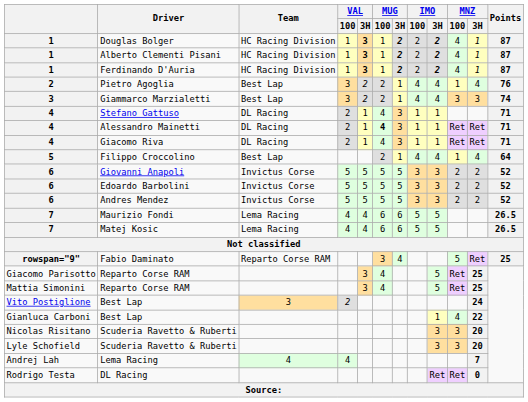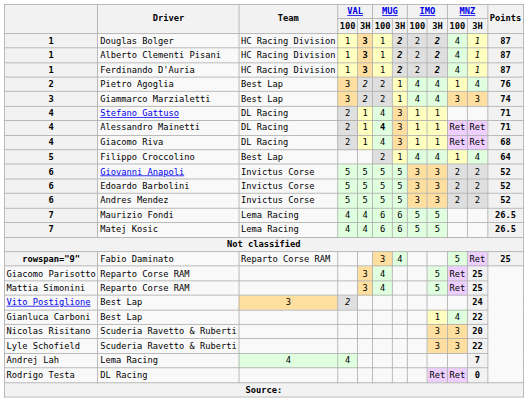 <table class="wikitable" style="font-size:85%; vertical-align:top; text-align:center">
 <tr>
 <th rowspan="2"></th>
 <th rowspan="2">Driver</th>
 <th rowspan="2">Team</th>
 <th colspan="2"><a href='#'>VAL</a><br></th>
 <th colspan="2"><a href='#'>MUG</a><br></th>
 <th colspan="2"><a href='#'>IMO</a><br></th>
 <th colspan="2"><a href='#'>MNZ</a><br></th>
 <th rowspan="2">Points</th>
 </tr>
 <tr>
 <th>100</th>
 <th>3H</th>
 <th>100</th>
 <th>3H</th>
 <th>100</th>
 <th>3H</th>
 <th>100</th>
 <th>3H</th>
 </tr>
 <tr>
 <th>1</th>
 <td style="text-align:left"> Douglas Bolger</td>
 <td style="text-align:left"> HC Racing Division</td>
 <td style="background:#FFFFBF">1</td>
 <td style="background:#FFDF9F"><strong>3</strong></td>
 <td style="background:#FFFFBF">1</td>
 <td style="background:#DFDFDF"><strong><em>2</em></strong></td>
 <td style="background:#DFDFDF">2</td>
 <td style="background:#DFDFDF"><strong><em>2</em></strong></td>
 <td style="background:#DFFFDF">4</td>
 <td style="background:#FFFFBF"><em>1</em></td>
 <th>87</th>
 </tr>
 <tr>
 <th>1</th>
 <td style="text-align:left"> Alberto Clementi Pisani</td>
 <td style="text-align:left"> HC Racing Division</td>
 <td style="background:#FFFFBF">1</td>
 <td style="background:#FFDF9F"><strong>3</strong></td>
 <td style="background:#FFFFBF">1</td>
 <td style="background:#DFDFDF"><strong><em>2</em></strong></td>
 <td style="background:#DFDFDF">2</td>
 <td style="background:#DFDFDF"><strong><em>2</em></strong></td>
 <td style="background:#DFFFDF">4</td>
 <td style="background:#FFFFBF"><em>1</em></td>
 <th>87</th>
 </tr>
 <tr>
 <th>1</th>
 <td style="text-align:left"> Ferdinando D'Auria</td>
 <td style="text-align:left"> HC Racing Division</td>
 <td style="background:#FFFFBF">1</td>
 <td style="background:#FFDF9F"><strong>3</strong></td>
 <td style="background:#FFFFBF">1</td>
 <td style="background:#DFDFDF"><strong><em>2</em></strong></td>
 <td style="background:#DFDFDF">2</td>
 <td style="background:#DFDFDF"><strong><em>2</em></strong></td>
 <td style="background:#DFFFDF">4</td>
 <td style="background:#FFFFBF"><em>1</em></td>
 <th>87</th>
 </tr>
 <tr>
 <th>2</th>
 <td style="text-align:left"> Pietro Agoglia</td>
 <td style="text-align:left"> Best Lap</td>
 <td style="background:#FFDF9F">3</td>
 <td style="background:#DFDFDF"><em>2</em></td>
 <td style="background:#DFDFDF">2</td>
 <td style="background:#FFFFBF">1</td>
 <td style="background:#DFFFDF">4</td>
 <td style="background:#DFFFDF">4</td>
 <td style="background:#FFFFBF">1</td>
 <td style="background:#DFFFDF">4</td>
 <th>76</th>
 </tr>
 <tr>
 <th>3</th>
 <td style="text-align:left"> Giammarco Marzialetti</td>
 <td style="text-align:left"> Best Lap</td>
 <td style="background:#FFDF9F">3</td>
 <td style="background:#DFDFDF"><em>2</em></td>
 <td style="background:#DFDFDF">2</td>
 <td style="background:#FFFFBF">1</td>
 <td style="background:#DFFFDF">4</td>
 <td style="background:#DFFFDF">4</td>
 <td style="background:#FFDF9F">3</td>
 <td style="background:#FFDF9F">3</td>
 <th>74</th>
 </tr>
 <tr>
 <th>4</th>
 <td style="text-align:left"> <a href='#'>Stefano Gattuso</a></td>
 <td style="text-align:left"> DL Racing</td>
 <td style="background:#DFDFDF">2</td>
 <td style="background:#FFFFBF">1</td>
 <td style="background:#DFFFDF">4</td>
 <td style="background:#FFDF9F">3</td>
 <td style="background:#FFFFBF">1</td>
 <td style="background:#FFFFBF">1</td>
 <td style="background:#"></td>
 <td style="background:#"></td>
 <th>71</th>
 </tr>
 <tr>
 <th>4</th>
 <td style="text-align:left"> Alessandro Mainetti</td>
 <td style="text-align:left"> DL Racing</td>
 <td style="background:#DFDFDF">2</td>
 <td style="background:#FFFFBF">1</td>
 <td style="background:#DFFFDF"><strong>4</strong></td>
 <td style="background:#FFDF9F">3</td>
 <td style="background:#FFFFBF">1</td>
 <td style="background:#FFFFBF">1</td>
 <td style="background:#EFCFFF">Ret</td>
 <td style="background:#EFCFFF">Ret</td>
 <th>71</th>
 </tr>
 <tr>
 <th>4</th>
 <td style="text-align:left"> Giacomo Riva</td>
 <td style="text-align:left"> DL Racing</td>
 <td style="background:#DFDFDF">2</td>
 <td style="background:#FFFFBF">1</td>
 <td style="background:#DFFFDF">4</td>
 <td style="background:#FFDF9F">3</td>
 <td style="background:#FFFFBF">1</td>
 <td style="background:#FFFFBF">1</td>
 <td style="background:#EFCFFF">Ret</td>
 <td style="background:#EFCFFF">Ret</td>
-<th>71</th>
+<th>68</th>
 </tr>
 <tr>
 <th>5</th>
 <td style="text-align:left"> Filippo Croccolino</td>
 <td style="text-align:left"> Best Lap</td>
 <td style="background:#"></td>
 <td style="background:#"></td>
 <td style="background:#DFDFDF">2</td>
 <td style="background:#FFFFBF">1</td>
 <td style="background:#DFFFDF">4</td>
 <td style="background:#DFFFDF">4</td>
 <td style="background:#FFFFBF">1</td>
 <td style="background:#DFFFDF">4</td>
 <th>64</th>
 </tr>
 <tr>
 <th>6</th>
 <td style="text-align:left"> <a href='#'>Giovanni Anapoli</a></td>
 <td style="text-align:left"> Invictus Corse</td>
 <td style="background:#DFFFDF">5</td>
 <td style="background:#DFFFDF">5</td>
 <td style="background:#DFFFDF">5</td>
 <td style="background:#DFFFDF">5</td>
 <td style="background:#FFDF9F">3</td>
 <td style="background:#FFDF9F">3</td>
 <td style="background:#DFDFDF">2</td>
 <td style="background:#DFDFDF">2</td>
 <th>52</th>
 </tr>
 <tr>
 <th>6</th>
 <td style="text-align:left"> Edoardo Barbolini</td>
 <td style="text-align:left"> Invictus Corse</td>
 <td style="background:#DFFFDF">5</td>
 <td style="background:#DFFFDF">5</td>
 <td style="background:#DFFFDF">5</td>
 <td style="background:#DFFFDF">5</td>
 <td style="background:#FFDF9F">3</td>
 <td style="background:#FFDF9F">3</td>
 <td style="background:#DFDFDF">2</td>
 <td style="background:#DFDFDF">2</td>
 <th>52</th>
 </tr>
 <tr>
 <th>6</th>
 <td style="text-align:left"> Andres Mendez</td>
 <td style="text-align:left"> Invictus Corse</td>
 <td style="background:#DFFFDF">5</td>
 <td style="background:#DFFFDF">5</td>
 <td style="background:#DFFFDF">5</td>
 <td style="background:#DFFFDF">5</td>
 <td style="background:#FFDF9F">3</td>
 <td style="background:#FFDF9F">3</td>
 <td style="background:#DFDFDF">2</td>
 <td style="background:#DFDFDF">2</td>
 <th>52</th>
 </tr>
 <tr>
 <th>7</th>
 <td style="text-align:left"> Maurizio Fondi</td>
 <td style="text-align:left"> Lema Racing</td>
 <td style="background:#DFFFDF">4</td>
 <td style="background:#DFFFDF">4</td>
 <td style="background:#DFFFDF">6</td>
 <td style="background:#DFFFDF">6</td>
 <td style="background:#DFFFDF">5</td>
 <td style="background:#DFFFDF">5</td>
 <td style="background:#"></td>
 <td style="background:#"></td>
 <th>26.5</th>
 </tr>
 <tr>
 <th>7</th>
 <td style="text-align:left"> Matej Kosic</td>
 <td style="text-align:left"> Lema Racing</td>
 <td style="background:#DFFFDF">4</td>
 <td style="background:#DFFFDF">4</td>
 <td style="background:#DFFFDF">6</td>
 <td style="background:#DFFFDF">6</td>
 <td style="background:#DFFFDF">5</td>
 <td style="background:#DFFFDF">5</td>
 <td style="background:#"></td>
 <td style="background:#"></td>
 <th>26.5</th>
 </tr>
 <tr>
 <th colspan="12">Not classified</th>
 </tr>
 <tr>
 <th>rowspan="9" </th>
 <td style="text-align:left"> Fabio Daminato</td>
 <td style="text-align:left"> Reparto Corse RAM</td>
 <td style="background:#"></td>
 <td style="background:#"></td>
 <td style="background:#FFDF9F">3</td>
 <td style="background:#DFFFDF">4</td>
 <td style="background:#"></td>
 <td style="background:#"></td>
 <td style="background:#DFFFDF">5</td>
 <td style="background:#EFCFFF">Ret</td>
 <th>25</th>
 </tr>
 <tr>
 <td style="text-align:left"> Giacomo Parisotto</td>
 <td style="text-align:left"> Reparto Corse RAM</td>
 <td style="background:#"></td>
 <td style="background:#"></td>
 <td style="background:#FFDF9F">3</td>
 <td style="background:#DFFFDF">4</td>
 <td style="background:#"></td>
 <td style="background:#"></td>
 <td style="background:#DFFFDF">5</td>
 <td style="background:#EFCFFF">Ret</td>
 <th>25</th>
 </tr>
 <tr>
 <td style="text-align:left"> Mattia Simonini</td>
 <td style="text-align:left"> Reparto Corse RAM</td>
 <td style="background:#"></td>
 <td style="background:#"></td>
 <td style="background:#FFDF9F">3</td>
 <td style="background:#DFFFDF">4</td>
 <td style="background:#"></td>
 <td style="background:#"></td>
 <td style="background:#DFFFDF">5</td>
 <td style="background:#EFCFFF">Ret</td>
 <th>25</th>
 </tr>
 <tr>
 <td style="text-align:left"> <a href='#'>Vito Postiglione</a></td>
 <td style="text-align:left"> Best Lap</td>
 <td style="background:#FFDF9F">3</td>
 <td style="background:#DFDFDF"><em>2</em></td>
 <td style="background:#"></td>
 <td style="background:#"></td>
 <td style="background:#"></td>
 <td style="background:#"></td>
 <td style="background:#"></td>
 <td style="background:#"></td>
 <th>24</th>
 </tr>
 <tr>
 <td style="text-align:left"> Gianluca Carboni</td>
 <td style="text-align:left"> Best Lap</td>
 <td style="background:#"></td>
 <td style="background:#"></td>
 <td style="background:#"></td>
 <td style="background:#"></td>
 <td style="background:#"></td>
 <td style="background:#"></td>
 <td style="background:#FFFFBF">1</td>
 <td style="background:#DFFFDF">4</td>
 <th>22</th>
 </tr>
 <tr>
 <td style="text-align:left"> Nicolas Risitano</td>
 <td style="text-align:left"> Scuderia Ravetto & Ruberti</td>
 <td style="background:#"></td>
 <td style="background:#"></td>
 <td style="background:#"></td>
 <td style="background:#"></td>
 <td style="background:#"></td>
 <td style="background:#"></td>
 <td style="background:#FFDF9F">3</td>
 <td style="background:#FFDF9F">3</td>
 <th>20</th>
 </tr>
 <tr>
 <td style="text-align:left"> Lyle Schofield</td>
 <td style="text-align:left"> Scuderia Ravetto & Ruberti</td>
 <td style="background:#"></td>
 <td style="background:#"></td>
 <td style="background:#"></td>
 <td style="background:#"></td>
 <td style="background:#"></td>
 <td style="background:#"></td>
 <td style="background:#FFDF9F">3</td>
 <td style="background:#FFDF9F">3</td>
-<th>20</th>
+<th>22</th>
 </tr>
 <tr>
 <td style="text-align:left"> Andrej Lah</td>
 <td style="text-align:left"> Lema Racing</td>
 <td style="background:#DFFFDF">4</td>
 <td style="background:#DFFFDF">4</td>
 <td style="background:#"></td>
 <td style="background:#"></td>
 <td style="background:#"></td>
 <td style="background:#"></td>
 <td style="background:#"></td>
 <td style="background:#"></td>
 <th>7</th>
 </tr>
 <tr>
 <td style="text-align:left"> Rodrigo Testa</td>
 <td style="text-align:left"> DL Racing</td>
 <td style="background:#"></td>
 <td style="background:#"></td>
 <td style="background:#"></td>
 <td style="background:#"></td>
 <td style="background:#"></td>
 <td style="background:#"></td>
 <td style="background:#EFCFFF">Ret</td>
 <td style="background:#EFCFFF">Ret</td>
 <th>0</th>
 </tr>
 <tr>
 <th colspan="12">Source:</th>
 </tr>
 </table>
